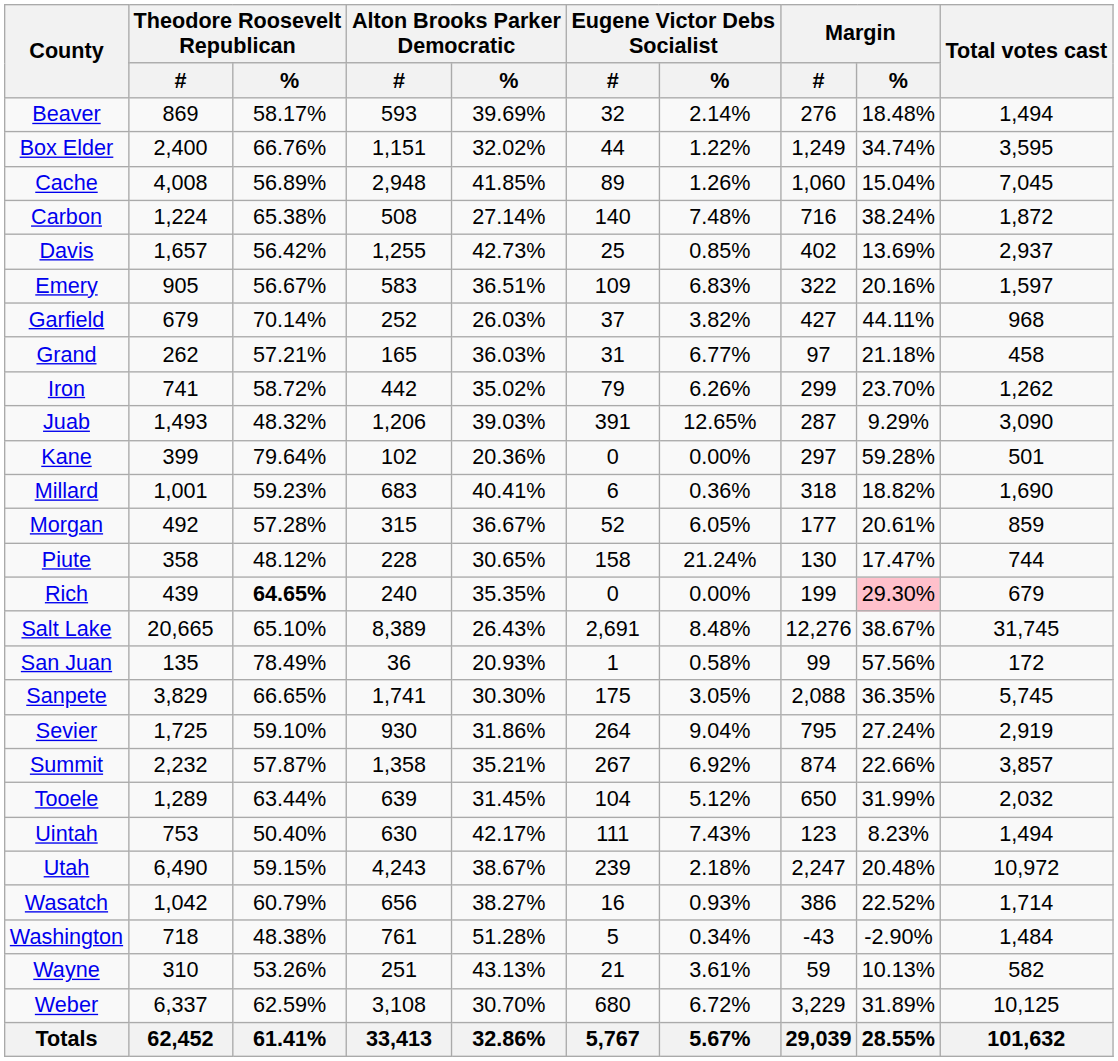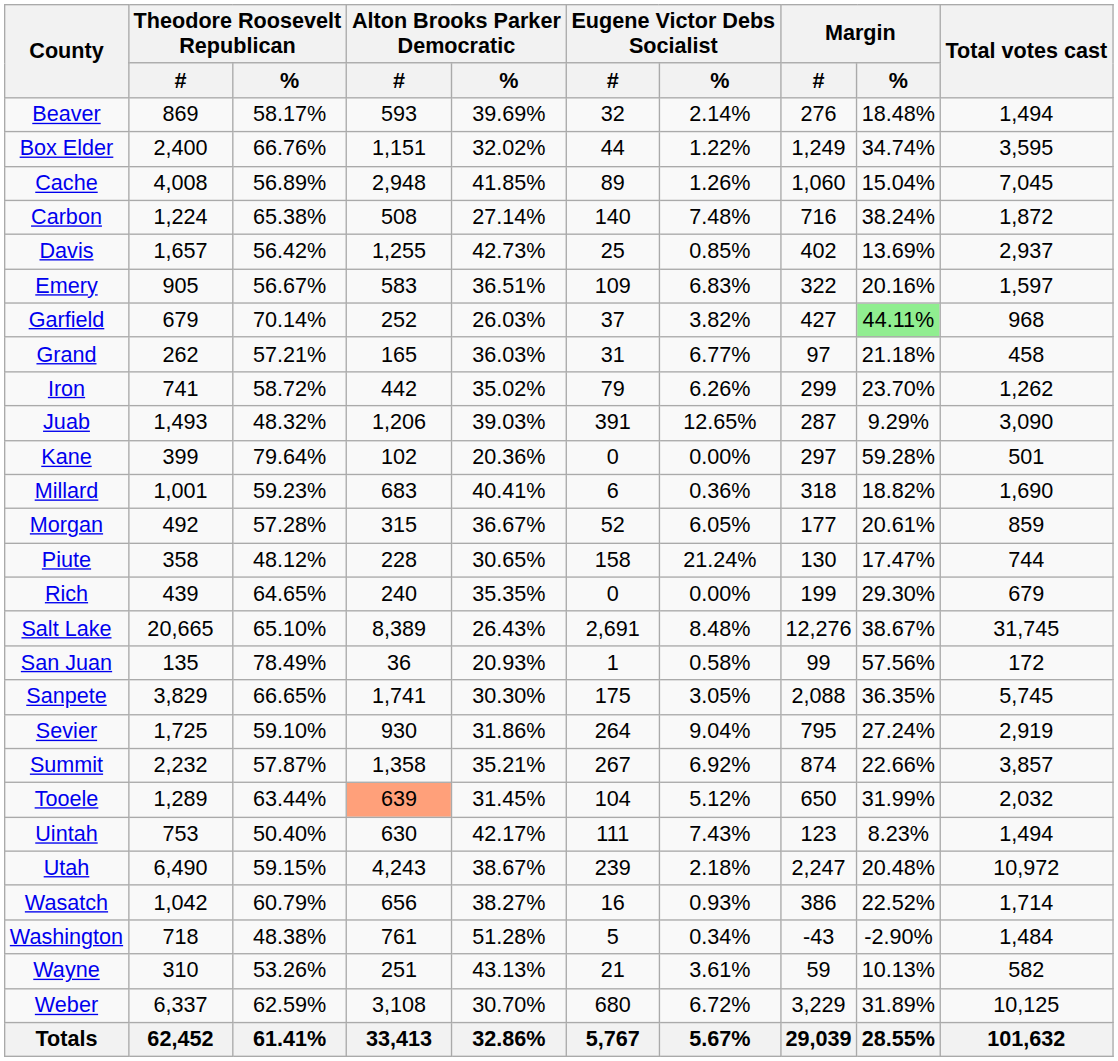 <table width="65%" class="wikitable sortable">
 <tr>
 <th rowspan="2">County</th>
 <th colspan="2">Theodore Roosevelt<br>Republican</th>
 <th colspan="2">Alton Brooks Parker<br>Democratic</th>
 <th colspan="2">Eugene Victor Debs<br>Socialist</th>
 <th colspan="2">Margin</th>
 <th rowspan="2">Total votes cast</th>
 </tr>
 <tr bgcolor="lightgrey">
 <th style="text-align:center;" data-sort-type="number">#</th>
 <th style="text-align:center;" data-sort-type="number">%</th>
 <th style="text-align:center;" data-sort-type="number">#</th>
 <th style="text-align:center;" data-sort-type="number">%</th>
 <th style="text-align:center;" data-sort-type="number">#</th>
 <th style="text-align:center;" data-sort-type="number">%</th>
 <th style="text-align:center;" data-sort-type="number">#</th>
 <th style="text-align:center;" data-sort-type="number">%</th>
 </tr>
 <tr style="text-align:center;">
 <td><a href='#'>Beaver</a></td>
 <td>869</td>
 <td>58.17%</td>
 <td>593</td>
 <td>39.69%</td>
 <td>32</td>
 <td>2.14%</td>
 <td>276</td>
 <td>18.48%</td>
 <td>1,494</td>
 </tr>
 <tr style="text-align:center;">
 <td><a href='#'>Box Elder</a></td>
 <td>2,400</td>
 <td>66.76%</td>
 <td>1,151</td>
 <td>32.02%</td>
 <td>44</td>
 <td>1.22%</td>
 <td>1,249</td>
 <td>34.74%</td>
 <td>3,595</td>
 </tr>
 <tr style="text-align:center;">
 <td><a href='#'>Cache</a></td>
 <td>4,008</td>
 <td>56.89%</td>
 <td>2,948</td>
 <td>41.85%</td>
 <td>89</td>
 <td>1.26%</td>
 <td>1,060</td>
 <td>15.04%</td>
 <td>7,045</td>
 </tr>
 <tr style="text-align:center;">
 <td><a href='#'>Carbon</a></td>
 <td>1,224</td>
 <td>65.38%</td>
 <td>508</td>
 <td>27.14%</td>
 <td>140</td>
 <td>7.48%</td>
 <td>716</td>
 <td>38.24%</td>
 <td>1,872</td>
 </tr>
 <tr style="text-align:center;">
 <td><a href='#'>Davis</a></td>
 <td>1,657</td>
 <td>56.42%</td>
 <td>1,255</td>
 <td>42.73%</td>
 <td>25</td>
 <td>0.85%</td>
 <td>402</td>
 <td>13.69%</td>
 <td>2,937</td>
 </tr>
 <tr style="text-align:center;">
 <td><a href='#'>Emery</a></td>
 <td>905</td>
 <td>56.67%</td>
 <td>583</td>
 <td>36.51%</td>
 <td>109</td>
 <td>6.83%</td>
 <td>322</td>
 <td>20.16%</td>
 <td>1,597</td>
 </tr>
 <tr style="text-align:center;">
 <td><a href='#'>Garfield</a></td>
 <td>679</td>
 <td>70.14%</td>
 <td>252</td>
 <td>26.03%</td>
 <td>37</td>
 <td>3.82%</td>
 <td>427</td>
-<td>44.11%</td>
+<td style="background: lightgreen;">44.11%</td>
 <td>968</td>
 </tr>
 <tr style="text-align:center;">
 <td><a href='#'>Grand</a></td>
 <td>262</td>
 <td>57.21%</td>
 <td>165</td>
 <td>36.03%</td>
 <td>31</td>
 <td>6.77%</td>
 <td>97</td>
 <td>21.18%</td>
 <td>458</td>
 </tr>
 <tr style="text-align:center;">
 <td><a href='#'>Iron</a></td>
 <td>741</td>
 <td>58.72%</td>
 <td>442</td>
 <td>35.02%</td>
 <td>79</td>
 <td>6.26%</td>
 <td>299</td>
 <td>23.70%</td>
 <td>1,262</td>
 </tr>
 <tr style="text-align:center;">
 <td><a href='#'>Juab</a></td>
 <td>1,493</td>
 <td>48.32%</td>
 <td>1,206</td>
 <td>39.03%</td>
 <td>391</td>
 <td>12.65%</td>
 <td>287</td>
 <td>9.29%</td>
 <td>3,090</td>
 </tr>
 <tr style="text-align:center;">
 <td><a href='#'>Kane</a></td>
 <td>399</td>
 <td>79.64%</td>
 <td>102</td>
 <td>20.36%</td>
 <td>0</td>
 <td>0.00%</td>
 <td>297</td>
 <td>59.28%</td>
 <td>501</td>
 </tr>
 <tr style="text-align:center;">
 <td><a href='#'>Millard</a></td>
 <td>1,001</td>
 <td>59.23%</td>
 <td>683</td>
 <td>40.41%</td>
 <td>6</td>
 <td>0.36%</td>
 <td>318</td>
 <td>18.82%</td>
 <td>1,690</td>
 </tr>
 <tr style="text-align:center;">
 <td><a href='#'>Morgan</a></td>
 <td>492</td>
 <td>57.28%</td>
 <td>315</td>
 <td>36.67%</td>
 <td>52</td>
 <td>6.05%</td>
 <td>177</td>
 <td>20.61%</td>
 <td>859</td>
 </tr>
 <tr style="text-align:center;">
 <td><a href='#'>Piute</a></td>
 <td>358</td>
 <td>48.12%</td>
 <td>228</td>
 <td>30.65%</td>
 <td>158</td>
 <td>21.24%</td>
 <td>130</td>
 <td>17.47%</td>
 <td>744</td>
 </tr>
 <tr style="text-align:center;">
 <td><a href='#'>Rich</a></td>
 <td>439</td>
-<td><strong>64.65%</strong></td>
+<td>64.65%</td>
 <td>240</td>
 <td>35.35%</td>
 <td>0</td>
 <td>0.00%</td>
 <td>199</td>
-<td style="background: pink;">29.30%</td>
+<td>29.30%</td>
 <td>679</td>
 </tr>
 <tr style="text-align:center;">
 <td><a href='#'>Salt Lake</a></td>
 <td>20,665</td>
 <td>65.10%</td>
 <td>8,389</td>
 <td>26.43%</td>
 <td>2,691</td>
 <td>8.48%</td>
 <td>12,276</td>
 <td>38.67%</td>
 <td>31,745</td>
 </tr>
 <tr style="text-align:center;">
 <td><a href='#'>San Juan</a></td>
 <td>135</td>
 <td>78.49%</td>
 <td>36</td>
 <td>20.93%</td>
 <td>1</td>
 <td>0.58%</td>
 <td>99</td>
 <td>57.56%</td>
 <td>172</td>
 </tr>
 <tr style="text-align:center;">
 <td><a href='#'>Sanpete</a></td>
 <td>3,829</td>
 <td>66.65%</td>
 <td>1,741</td>
 <td>30.30%</td>
 <td>175</td>
 <td>3.05%</td>
 <td>2,088</td>
 <td>36.35%</td>
 <td>5,745</td>
 </tr>
 <tr style="text-align:center;">
 <td><a href='#'>Sevier</a></td>
 <td>1,725</td>
 <td>59.10%</td>
 <td>930</td>
 <td>31.86%</td>
 <td>264</td>
 <td>9.04%</td>
 <td>795</td>
 <td>27.24%</td>
 <td>2,919</td>
 </tr>
 <tr style="text-align:center;">
 <td><a href='#'>Summit</a></td>
 <td>2,232</td>
 <td>57.87%</td>
 <td>1,358</td>
 <td>35.21%</td>
 <td>267</td>
 <td>6.92%</td>
 <td>874</td>
 <td>22.66%</td>
 <td>3,857</td>
 </tr>
 <tr style="text-align:center;">
 <td><a href='#'>Tooele</a></td>
 <td>1,289</td>
 <td>63.44%</td>
-<td>639</td>
+<td style="background: lightsalmon;">639</td>
 <td>31.45%</td>
 <td>104</td>
 <td>5.12%</td>
 <td>650</td>
 <td>31.99%</td>
 <td>2,032</td>
 </tr>
 <tr style="text-align:center;">
 <td><a href='#'>Uintah</a></td>
 <td>753</td>
 <td>50.40%</td>
 <td>630</td>
 <td>42.17%</td>
 <td>111</td>
 <td>7.43%</td>
 <td>123</td>
 <td>8.23%</td>
 <td>1,494</td>
 </tr>
 <tr style="text-align:center;">
 <td><a href='#'>Utah</a></td>
 <td>6,490</td>
 <td>59.15%</td>
 <td>4,243</td>
 <td>38.67%</td>
 <td>239</td>
 <td>2.18%</td>
 <td>2,247</td>
 <td>20.48%</td>
 <td>10,972</td>
 </tr>
 <tr style="text-align:center;">
 <td><a href='#'>Wasatch</a></td>
 <td>1,042</td>
 <td>60.79%</td>
 <td>656</td>
 <td>38.27%</td>
 <td>16</td>
 <td>0.93%</td>
 <td>386</td>
 <td>22.52%</td>
 <td>1,714</td>
 </tr>
 <tr style="text-align:center;">
 <td><a href='#'>Washington</a></td>
 <td>718</td>
 <td>48.38%</td>
 <td>761</td>
 <td>51.28%</td>
 <td>5</td>
 <td>0.34%</td>
 <td>-43</td>
 <td>-2.90%</td>
 <td>1,484</td>
 </tr>
 <tr style="text-align:center;">
 <td><a href='#'>Wayne</a></td>
 <td>310</td>
 <td>53.26%</td>
 <td>251</td>
 <td>43.13%</td>
 <td>21</td>
 <td>3.61%</td>
 <td>59</td>
 <td>10.13%</td>
 <td>582</td>
 </tr>
 <tr style="text-align:center;">
 <td><a href='#'>Weber</a></td>
 <td>6,337</td>
 <td>62.59%</td>
 <td>3,108</td>
 <td>30.70%</td>
 <td>680</td>
 <td>6.72%</td>
 <td>3,229</td>
 <td>31.89%</td>
 <td>10,125</td>
 </tr>
 <tr style="text-align:center;">
 <th>Totals</th>
 <th>62,452</th>
 <th>61.41%</th>
 <th>33,413</th>
 <th>32.86%</th>
 <th>5,767</th>
 <th>5.67%</th>
 <th>29,039</th>
 <th>28.55%</th>
 <th>101,632</th>
 </tr>
 </table>
